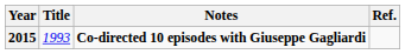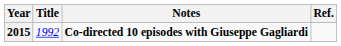 <table class="wikitable sortable plainrowheaders">
 <tr>
 <th scope="col">Year</th>
 <th scope="col">Title</th>
 <th scope="col">Notes</th>
 <th scope="col" class="unsortable">Ref.</th>
 </tr>
 <tr>
 <th scope="row">2015</th>
-<td><em><a href='#'>1993</a></em></td>
+<td><em><a href='#'>1992</a></em></td>
 <td><strong>Co-directed 10 episodes with Giuseppe Gagliardi</strong></td>
 <td align="center"></td>
 </tr>
 </table>
